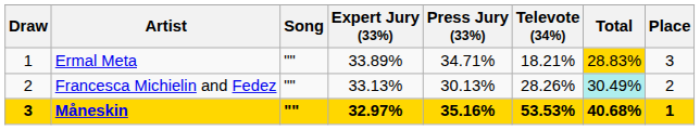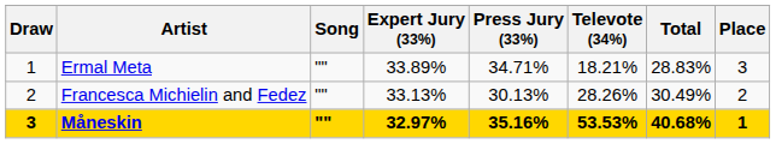 <table class="sortable wikitable" style="margin: 1em auto 1em auto; text-align:center">
 <tr>
 </tr>
 <tr>
 <th>Draw</th>
 <th>Artist</th>
 <th>Song</th>
 <th>Expert Jury<br><small>(33%)</small></th>
 <th>Press Jury<br><small>(33%)</small></th>
 <th>Televote<br><small>(34%)</small></th>
 <th>Total</th>
 <th>Place</th>
 </tr>
 <tr>
 <td>1</td>
 <td align="left"><a href='#'>Ermal Meta</a></td>
 <td align="left">""</td>
 <td>33.89%</td>
 <td>34.71%</td>
 <td>18.21%</td>
-<td style="background: gold;">28.83%</td>
+<td>28.83%</td>
 <td>3</td>
 </tr>
 <tr>
 <td>2</td>
 <td align="left"><a href='#'>Francesca Michielin</a> and <a href='#'>Fedez</a></td>
 <td align="left">""</td>
 <td>33.13%</td>
 <td>30.13%</td>
 <td>28.26%</td>
-<td style="background: paleturquoise;">30.49%</td>
+<td>30.49%</td>
 <td>2</td>
 </tr>
 <tr style="font-weight:bold; background:gold;">
 <td>3</td>
 <td align="left"><a href='#'>Måneskin</a></td>
 <td align="left">""</td>
 <td>32.97%</td>
 <td>35.16%</td>
 <td>53.53%</td>
 <td>40.68%</td>
 <td>1</td>
 </tr>
 </table>
